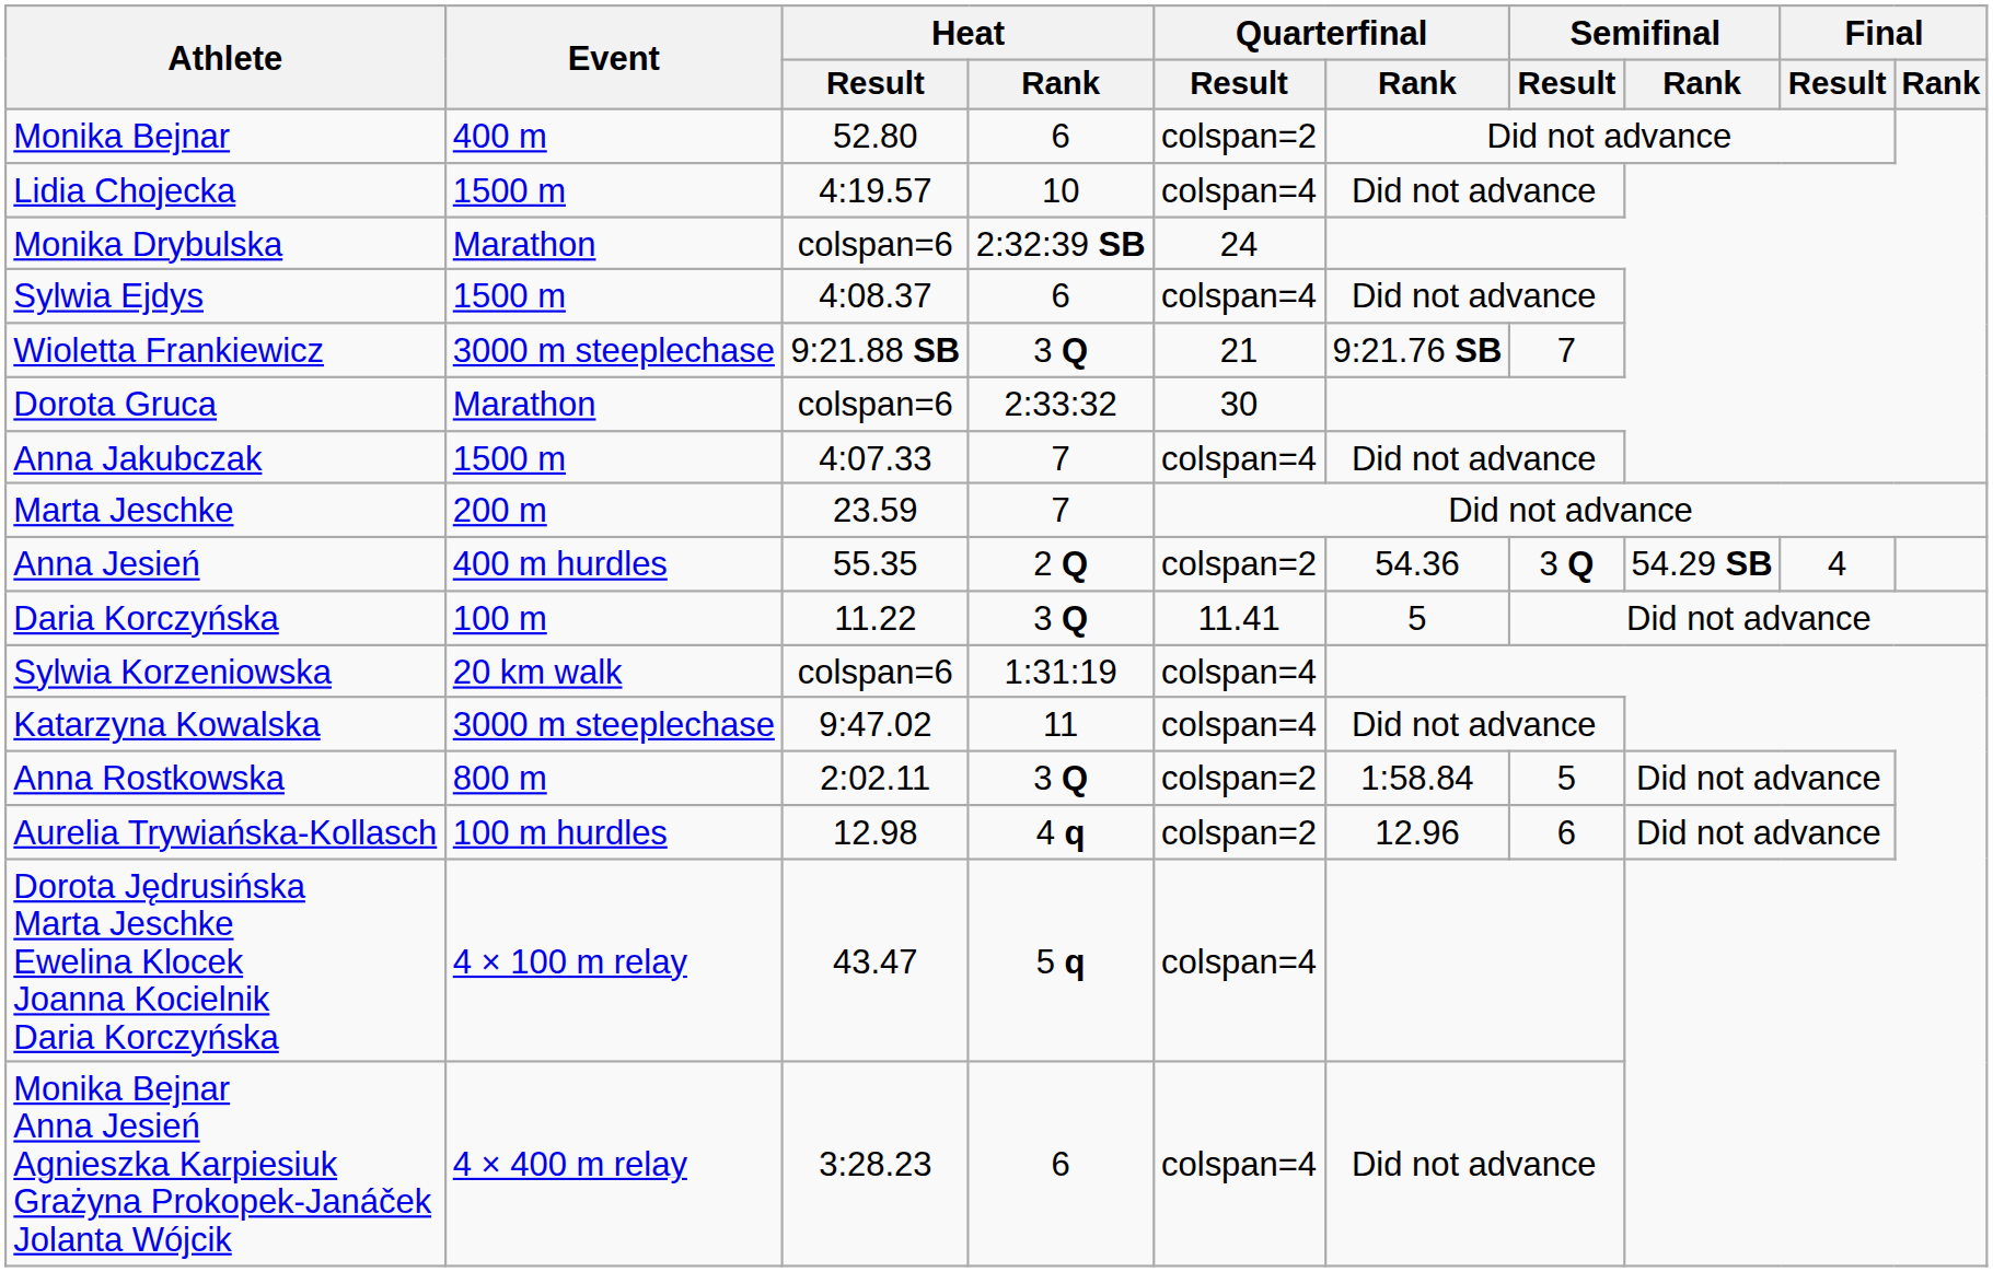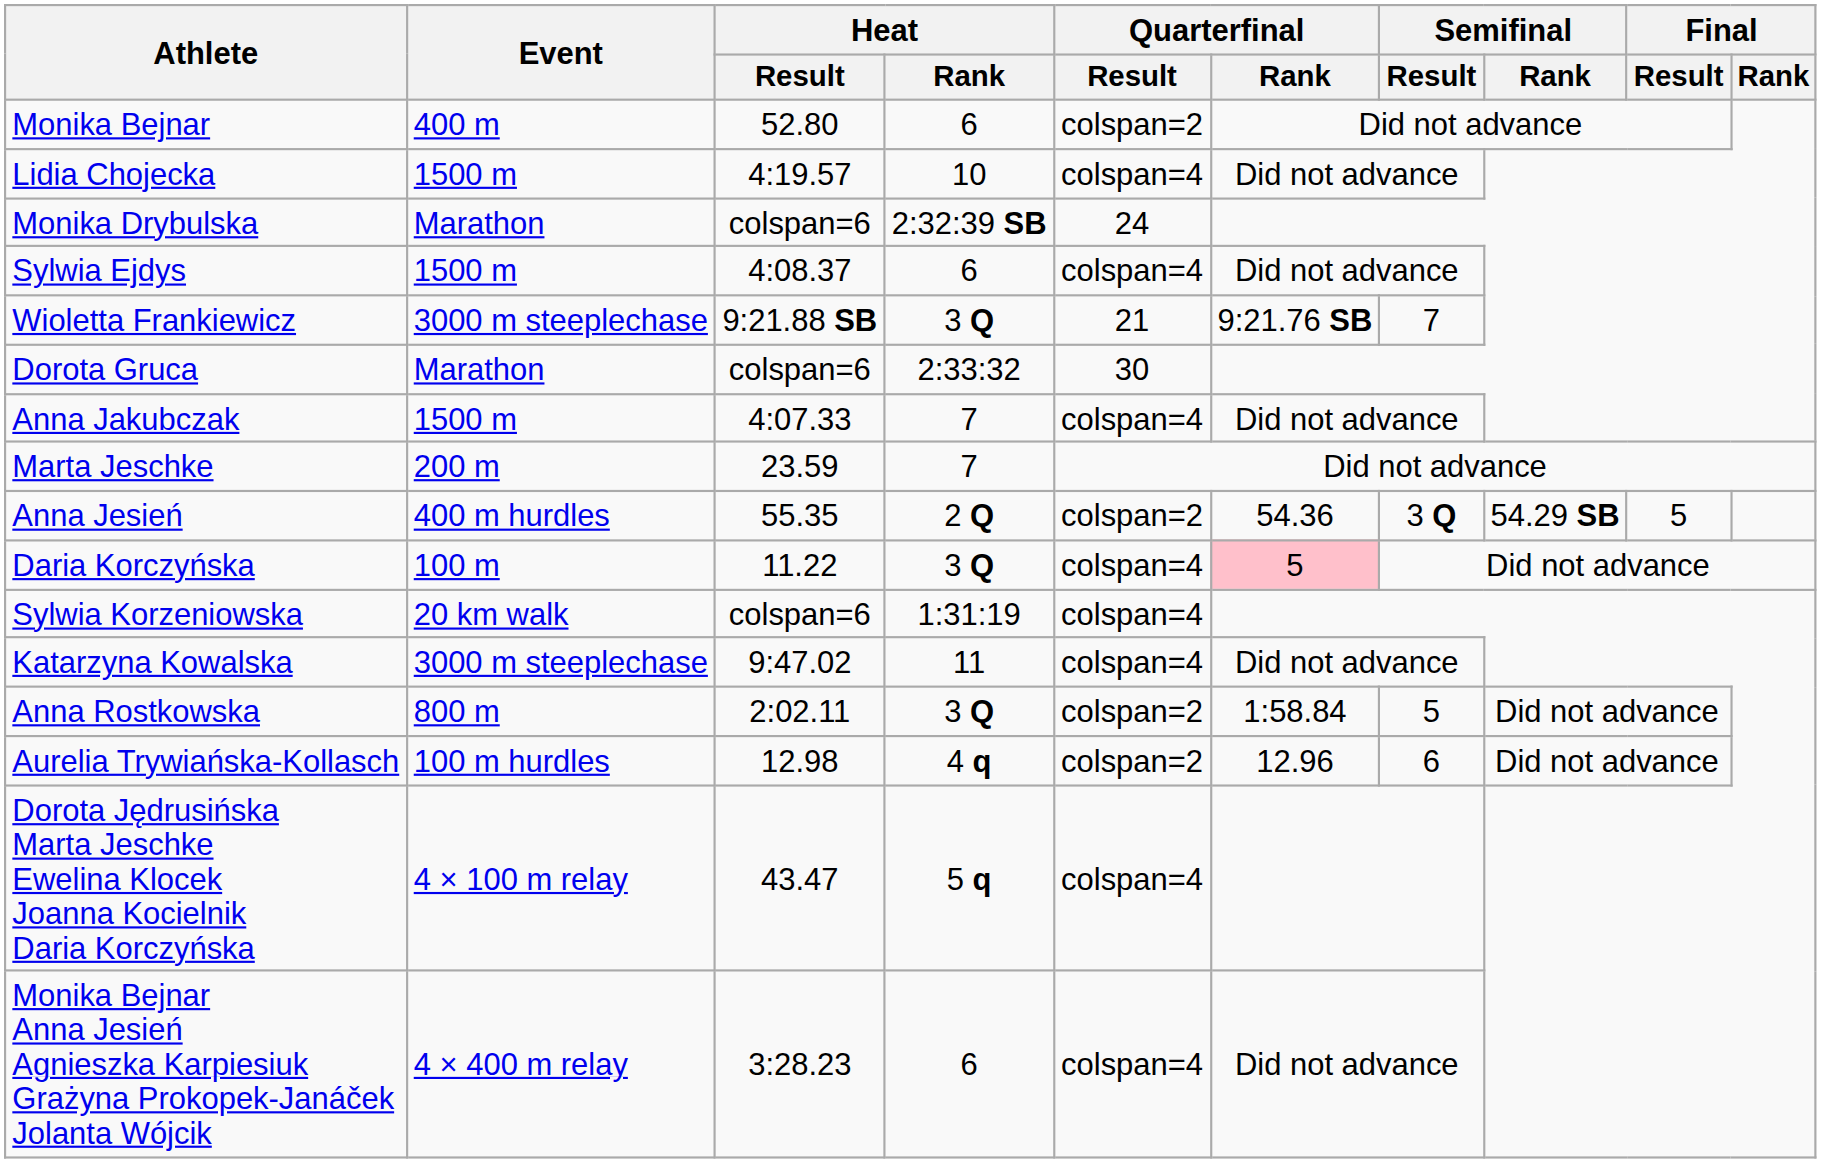 <table class=wikitable style="font-size:90%">
 <tr>
 <th rowspan="2">Athlete</th>
 <th rowspan="2">Event</th>
 <th colspan="2">Heat</th>
 <th colspan="2">Quarterfinal</th>
 <th colspan="2">Semifinal</th>
 <th colspan="2">Final</th>
 </tr>
 <tr style="font-size:95%">
 <th>Result</th>
 <th>Rank</th>
 <th>Result</th>
 <th>Rank</th>
 <th>Result</th>
 <th>Rank</th>
 <th>Result</th>
 <th>Rank</th>
 </tr>
 <tr align=center>
 <td align=left><a href='#'>Monika Bejnar</a></td>
 <td align=left><a href='#'>400 m</a></td>
 <td>52.80</td>
 <td>6</td>
 <td>colspan=2 </td>
 <td colspan=4>Did not advance</td>
 </tr>
 <tr align=center>
 <td align=left><a href='#'>Lidia Chojecka</a></td>
 <td align=left><a href='#'>1500 m</a></td>
 <td>4:19.57</td>
 <td>10</td>
 <td>colspan=4 </td>
 <td colspan=2>Did not advance</td>
 </tr>
 <tr align=center>
 <td align=left><a href='#'>Monika Drybulska</a></td>
 <td align=left><a href='#'>Marathon</a></td>
 <td>colspan=6 </td>
 <td>2:32:39 <strong>SB</strong></td>
 <td>24</td>
 </tr>
 <tr align=center>
 <td align=left><a href='#'>Sylwia Ejdys</a></td>
 <td align=left><a href='#'>1500 m</a></td>
 <td>4:08.37</td>
 <td>6</td>
 <td>colspan=4 </td>
 <td colspan=2>Did not advance</td>
 </tr>
 <tr align=center>
 <td align=left><a href='#'>Wioletta Frankiewicz</a></td>
 <td align=left><a href='#'>3000 m steeplechase</a></td>
 <td>9:21.88 <strong>SB</strong></td>
 <td>3 <strong>Q</strong></td>
 <td>21</td>
 <td>9:21.76 <strong>SB</strong></td>
 <td>7</td>
 </tr>
 <tr align=center>
 <td align=left><a href='#'>Dorota Gruca</a></td>
 <td align=left><a href='#'>Marathon</a></td>
 <td>colspan=6 </td>
 <td>2:33:32</td>
 <td>30</td>
 </tr>
 <tr align=center>
 <td align=left><a href='#'>Anna Jakubczak</a></td>
 <td align=left><a href='#'>1500 m</a></td>
 <td>4:07.33</td>
 <td>7</td>
 <td>colspan=4 </td>
 <td colspan=2>Did not advance</td>
 </tr>
 <tr align=center>
 <td align=left><a href='#'>Marta Jeschke</a></td>
 <td align=left><a href='#'>200 m</a></td>
 <td>23.59</td>
 <td>7</td>
 <td colspan=6>Did not advance</td>
 </tr>
 <tr align=center>
 <td align=left><a href='#'>Anna Jesień</a></td>
 <td align=left><a href='#'>400 m hurdles</a></td>
 <td>55.35</td>
 <td>2 <strong>Q</strong></td>
 <td>colspan=2 </td>
 <td>54.36</td>
 <td>3 <strong>Q</strong></td>
 <td>54.29 <strong>SB</strong></td>
-<td>4</td>
+<td>5</td>
 </tr>
 <tr align=center>
 <td align=left><a href='#'>Daria Korczyńska</a></td>
 <td align=left><a href='#'>100 m</a></td>
 <td>11.22</td>
 <td>3 <strong>Q</strong></td>
-<td>11.41</td>
-<td>5</td>
+<td>colspan=4 </td>
+<td style="background: pink;">5</td>
 <td colspan=4>Did not advance</td>
 </tr>
 <tr align=center>
 <td align=left><a href='#'>Sylwia Korzeniowska</a></td>
 <td align=left><a href='#'>20 km walk</a></td>
 <td>colspan=6 </td>
 <td>1:31:19</td>
 <td>colspan=4 </td>
 </tr>
 <tr align=center>
 <td align=left><a href='#'>Katarzyna Kowalska</a></td>
 <td align=left><a href='#'>3000 m steeplechase</a></td>
 <td>9:47.02</td>
 <td>11</td>
 <td>colspan=4 </td>
 <td colspan=2>Did not advance</td>
 </tr>
 <tr align=center>
 <td align=left><a href='#'>Anna Rostkowska</a></td>
 <td align=left><a href='#'>800 m</a></td>
 <td>2:02.11</td>
 <td>3 <strong>Q</strong></td>
 <td>colspan=2 </td>
 <td>1:58.84</td>
 <td>5</td>
 <td colspan=2>Did not advance</td>
 </tr>
 <tr align=center>
 <td align=left><a href='#'>Aurelia Trywiańska-Kollasch</a></td>
 <td align=left><a href='#'>100 m hurdles</a></td>
 <td>12.98</td>
 <td>4 <strong>q</strong></td>
 <td>colspan=2 </td>
 <td>12.96</td>
 <td>6</td>
 <td colspan=2>Did not advance</td>
 </tr>
 <tr align=center>
 <td align=left><a href='#'>Dorota Jędrusińska</a><br><a href='#'>Marta Jeschke</a><br><a href='#'>Ewelina Klocek</a><br><a href='#'>Joanna Kocielnik</a><br><a href='#'>Daria Korczyńska</a></td>
 <td align=left><a href='#'>4 × 100 m relay</a></td>
 <td>43.47</td>
 <td>5 <strong>q</strong></td>
 <td>colspan=4 </td>
 <td colspan=2></td>
 </tr>
 <tr align=center>
 <td align=left><a href='#'>Monika Bejnar</a><br><a href='#'>Anna Jesień</a><br><a href='#'>Agnieszka Karpiesiuk</a><br><a href='#'>Grażyna Prokopek-Janáček</a><br><a href='#'>Jolanta Wójcik</a></td>
 <td align=left><a href='#'>4 × 400 m relay</a></td>
 <td>3:28.23</td>
 <td>6</td>
 <td>colspan=4 </td>
 <td colspan=2>Did not advance</td>
 </tr>
 </table>
